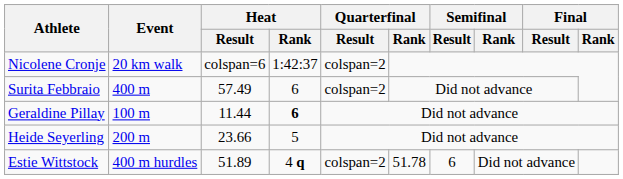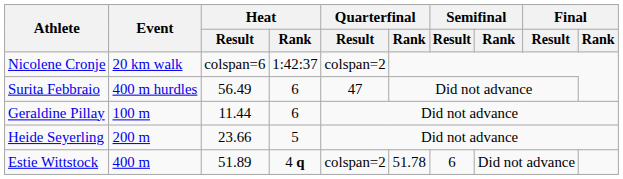 <table class=wikitable style="font-size:90%">
 <tr>
 <th rowspan="2">Athlete</th>
 <th rowspan="2">Event</th>
 <th colspan="2">Heat</th>
 <th colspan="2">Quarterfinal</th>
 <th colspan="2">Semifinal</th>
 <th colspan="2">Final</th>
 </tr>
 <tr style="font-size:95%">
 <th>Result</th>
 <th>Rank</th>
 <th>Result</th>
 <th>Rank</th>
 <th>Result</th>
 <th>Rank</th>
 <th>Result</th>
 <th>Rank</th>
 </tr>
 <tr align=center>
 <td align=left><a href='#'>Nicolene Cronje</a></td>
 <td align=left><a href='#'>20 km walk</a></td>
 <td>colspan=6 </td>
 <td>1:42:37</td>
 <td>colspan=2 </td>
 </tr>
 <tr align=center>
 <td align=left><a href='#'>Surita Febbraio</a></td>
-<td align=left><a href='#'>400 m</a></td>
-<td>57.49</td>
+<td align=left><a href='#'>400 m hurdles</a></td>
+<td>56.49</td>
 <td>6</td>
-<td>colspan=2 </td>
+<td>47</td>
 <td colspan=4>Did not advance</td>
 </tr>
 <tr align=center>
 <td align=left><a href='#'>Geraldine Pillay</a></td>
 <td align=left><a href='#'>100 m</a></td>
 <td>11.44</td>
-<td><strong>6</strong></td>
+<td>6</td>
 <td colspan=6>Did not advance</td>
 </tr>
 <tr align=center>
 <td align=left><a href='#'>Heide Seyerling</a></td>
 <td align=left><a href='#'>200 m</a></td>
 <td>23.66</td>
 <td>5</td>
 <td colspan=6>Did not advance</td>
 </tr>
 <tr align=center>
 <td align=left><a href='#'>Estie Wittstock</a></td>
-<td align=left><a href='#'>400 m hurdles</a></td>
+<td align=left><a href='#'>400 m</a></td>
 <td>51.89</td>
 <td>4 <strong>q</strong></td>
 <td>colspan=2 </td>
 <td>51.78</td>
 <td>6</td>
 <td colspan=2>Did not advance</td>
 </tr>
 </table>
